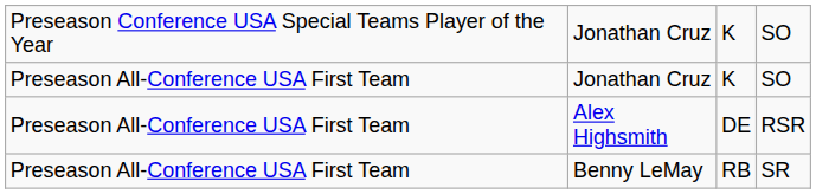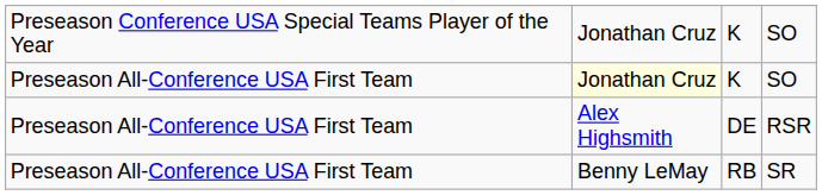 <table class="wikitable">
 <tr>
 <td>Preseason <a href='#'>Conference USA</a> Special Teams Player of the Year</td>
 <td>Jonathan Cruz</td>
 <td>K</td>
 <td>SO</td>
 </tr>
 <tr>
 <td>Preseason All-<a href='#'>Conference USA</a> First Team</td>
-<td>Jonathan Cruz</td>
+<td style="background: lightyellow;">Jonathan Cruz</td>
 <td>K</td>
 <td>SO</td>
 </tr>
 <tr>
 <td>Preseason All-<a href='#'>Conference USA</a> First Team</td>
 <td><a href='#'>Alex Highsmith</a></td>
 <td>DE</td>
 <td>RSR</td>
 </tr>
 <tr>
 <td>Preseason All-<a href='#'>Conference USA</a> First Team</td>
 <td>Benny LeMay</td>
 <td>RB</td>
 <td>SR</td>
 </tr>
 </table>
